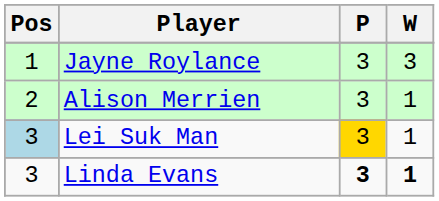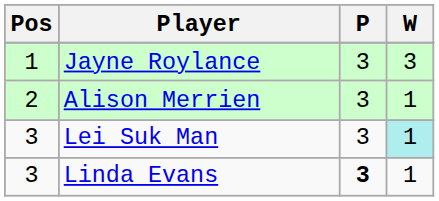 <table class="wikitable">
 <tr>
 <th width=20>Pos</th>
 <th width=150>Player</th>
 <th width=20>P</th>
 <th width=20>W</th>
 </tr>
 <tr>
 </tr>
 <tr align=center style="background: #ccffcc;">
 <td>1</td>
 <td align="left"> <a href='#'>Jayne Roylance</a></td>
 <td>3</td>
 <td>3</td>
 </tr>
 <tr align=center style="background: #ccffcc;">
 <td>2</td>
 <td align="left"> <a href='#'>Alison Merrien</a></td>
 <td>3</td>
 <td>1</td>
 </tr>
 <tr align=center>
-<td style="background: lightblue;">3</td>
+<td>3</td>
 <td align="left"> <a href='#'>Lei Suk Man</a></td>
-<td style="background: gold;">3</td>
-<td>1</td>
+<td>3</td>
+<td style="background: paleturquoise;">1</td>
 </tr>
 <tr align=center>
 <td>3</td>
 <td align="left"> <a href='#'>Linda Evans</a></td>
 <td><strong>3</strong></td>
-<td><strong>1</strong></td>
+<td>1</td>
 </tr>
 </table>
